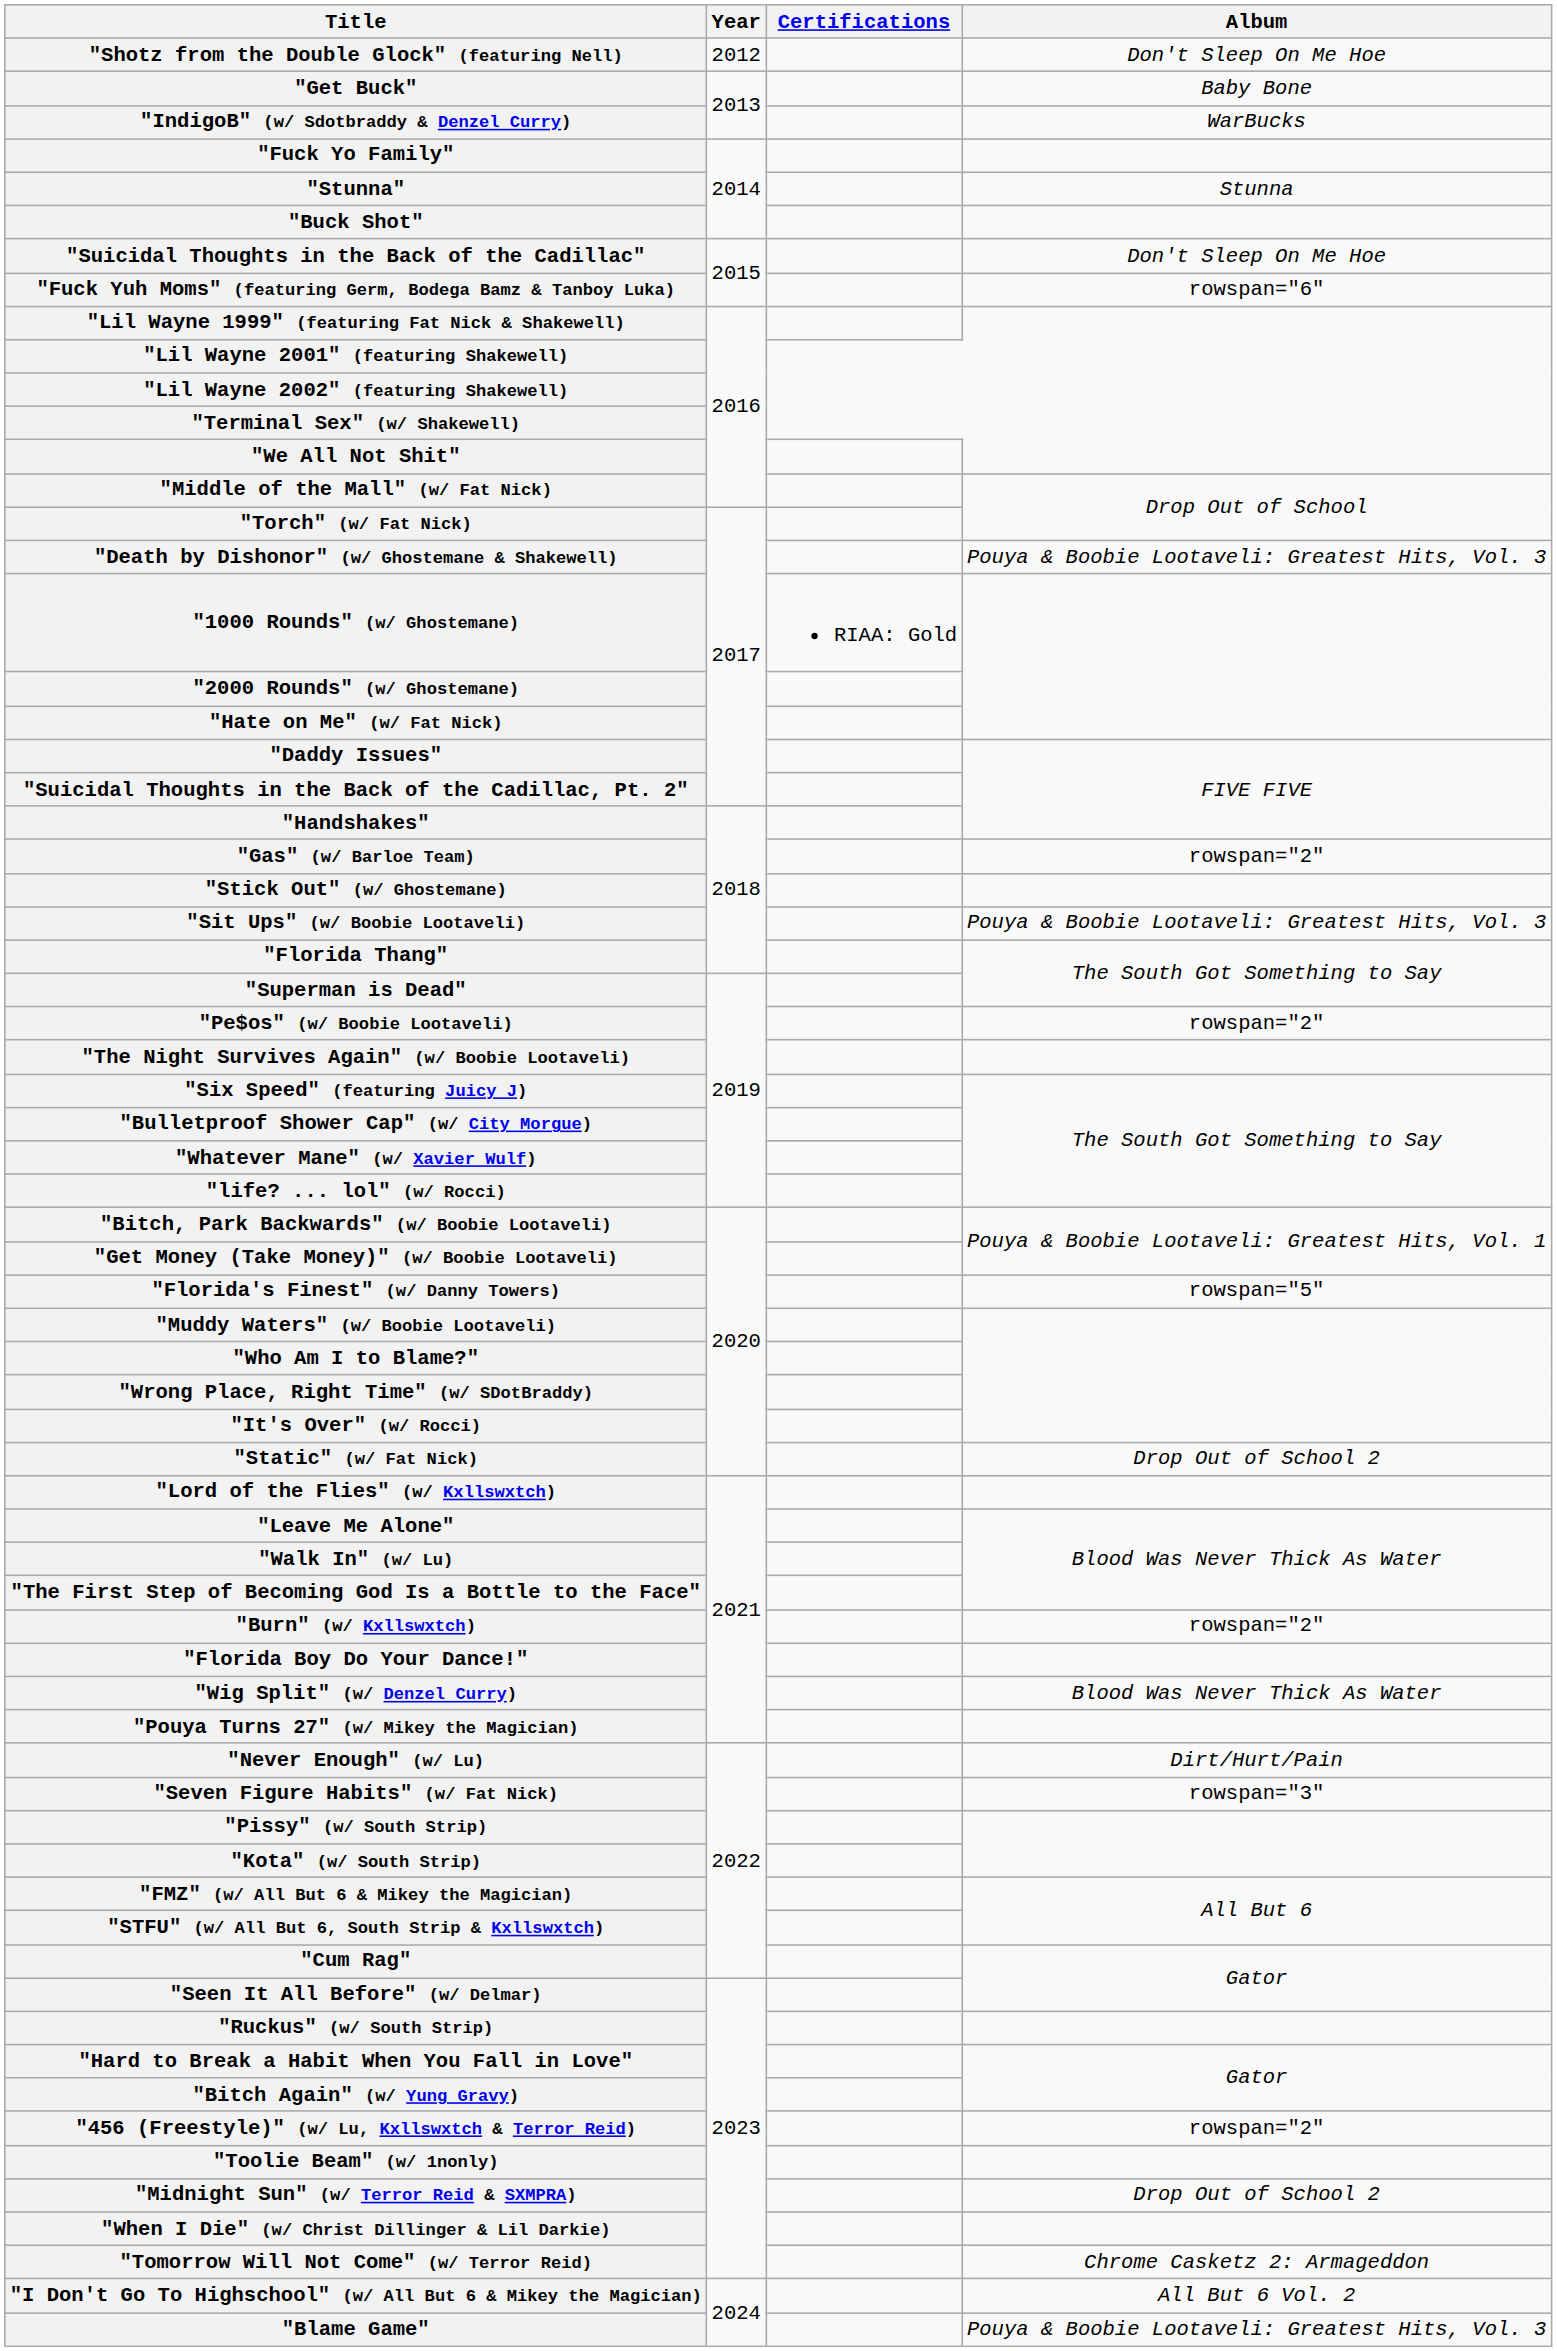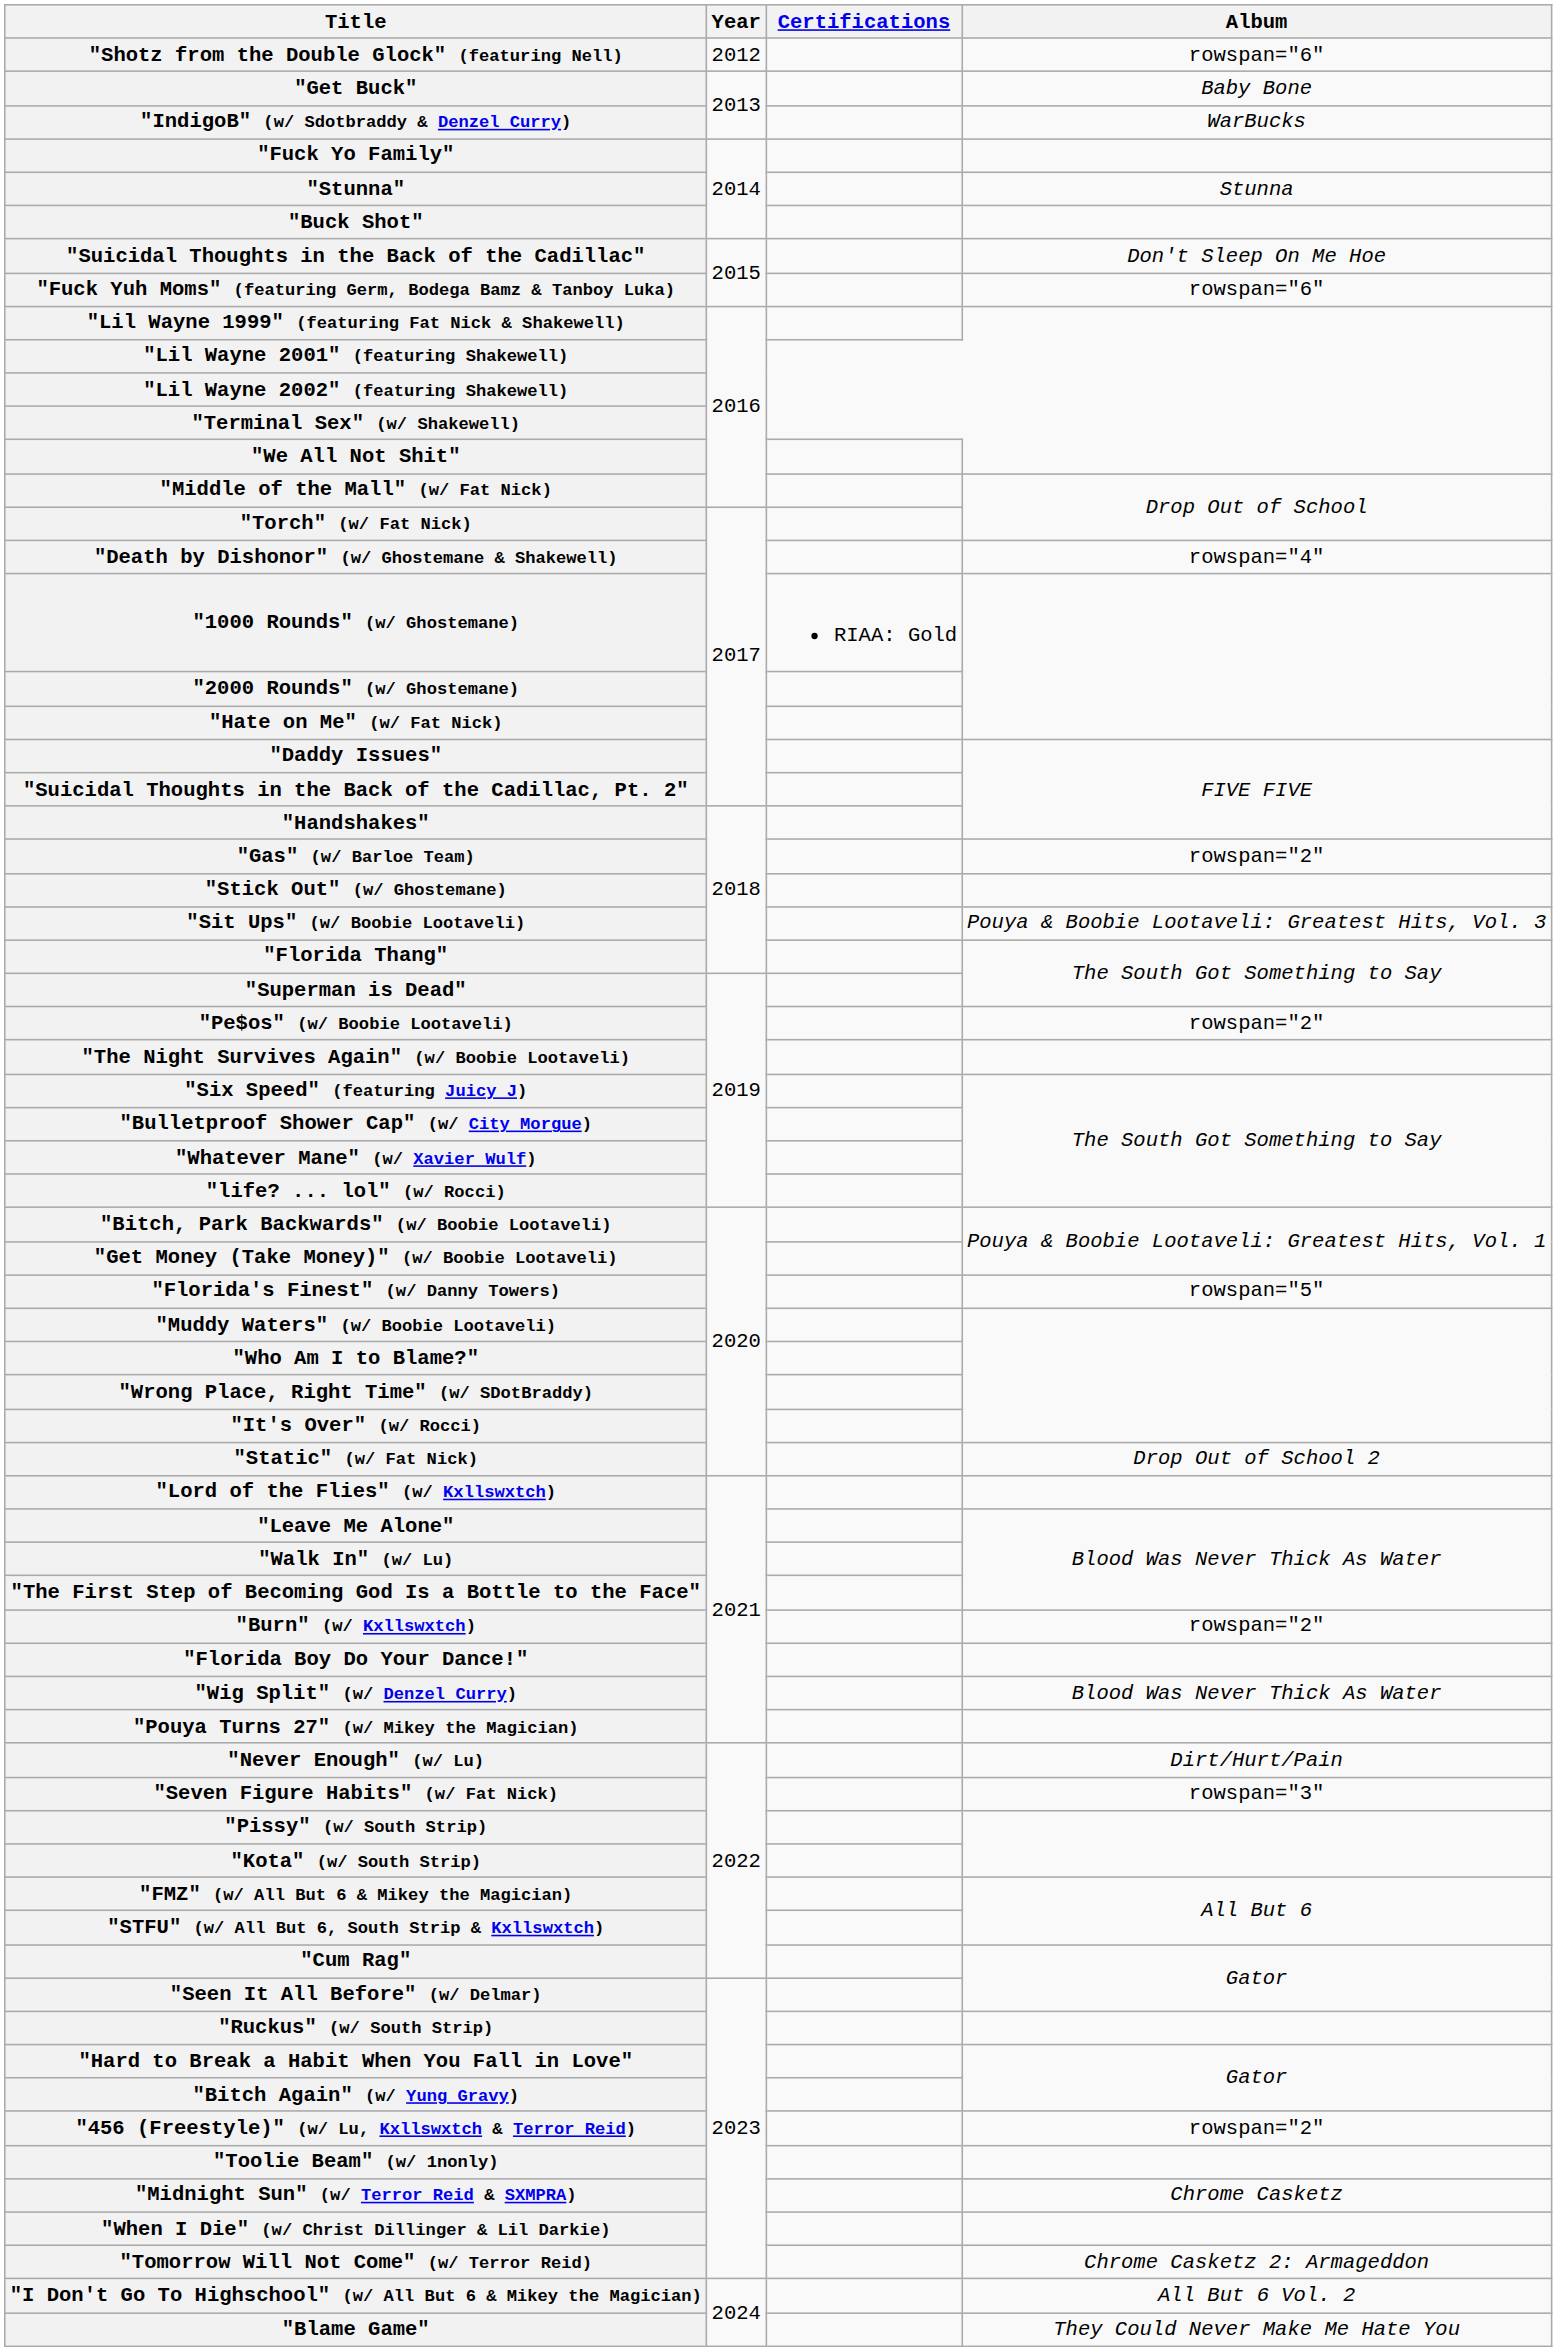 <table class="wikitable plainrowheaders" style="text-align:center;">
 <tr>
 <th scope="col">Title</th>
 <th scope="col">Year</th>
 <th scope="col"><a href='#'>Certifications</a></th>
 <th scope="col">Album</th>
 </tr>
 <tr>
 <th scope="row">"Shotz from the Double Glock" <small>(featuring Nell)</small></th>
 <td>2012</td>
 <td></td>
-<td><em>Don't Sleep On Me Hoe</em></td>
+<td>rowspan="6"</td>
 </tr>
 <tr>
 <th scope="row">"Get Buck"</th>
 <td rowspan="2">2013</td>
 <td></td>
 <td><em>Baby Bone</em></td>
 </tr>
 <tr>
 <th scope="row">"IndigoB" <small>(w/ Sdotbraddy & <a href='#'>Denzel Curry</a>)</small></th>
 <td></td>
 <td><em>WarBucks</em></td>
 </tr>
 <tr>
 <th scope="row">"Fuck Yo Family"</th>
 <td rowspan="3">2014</td>
 <td></td>
 <td></td>
 </tr>
 <tr>
 <th scope="row">"Stunna"</th>
 <td></td>
 <td><em>Stunna</em></td>
 </tr>
 <tr>
 <th scope="row">"Buck Shot"</th>
 <td></td>
 <td></td>
 </tr>
 <tr>
 <th scope="row">"Suicidal Thoughts in the Back of the Cadillac"</th>
 <td rowspan="2">2015</td>
 <td></td>
 <td><em>Don't Sleep On Me Hoe</em></td>
 </tr>
 <tr>
 <th scope="row">"Fuck Yuh Moms" <small>(featuring Germ, Bodega Bamz & Tanboy Luka)</small></th>
 <td></td>
 <td>rowspan="6"</td>
 </tr>
 <tr>
 <th scope="row">"Lil Wayne 1999" <small>(featuring Fat Nick & Shakewell)</small></th>
 <td rowspan="6">2016</td>
 <td></td>
 </tr>
 <tr>
 <th scope="row">"Lil Wayne 2001" <small>(featuring Shakewell)</small></th>
 </tr>
 <tr>
 <th scope="row">"Lil Wayne 2002" <small>(featuring Shakewell)</small></th>
 </tr>
 <tr>
 <th scope="row">"Terminal Sex" <small>(w/ Shakewell)</small></th>
 </tr>
 <tr>
 <th scope="row">"We All Not Shit"</th>
 <td></td>
 </tr>
 <tr>
 <th scope="row">"Middle of the Mall" <small>(w/ Fat Nick)</small></th>
 <td></td>
 <td rowspan="2"><em>Drop Out of School</em></td>
 </tr>
 <tr>
 <th scope="row">"Torch" <small>(w/ Fat Nick)</small></th>
 <td rowspan="7">2017</td>
 <td></td>
 </tr>
 <tr>
 <th scope="row">"Death by Dishonor" <small>(w/ Ghostemane & Shakewell)</small></th>
 <td></td>
-<td><em>Pouya & Boobie Lootaveli: Greatest Hits, Vol. 3</em></td>
+<td>rowspan="4"</td>
 </tr>
 <tr>
 <th scope="row">"1000 Rounds" <small>(w/ Ghostemane)</small></th>
 <td><br><ul><li>RIAA: Gold</li></ul></td>
 </tr>
 <tr>
 <th scope="row">"2000 Rounds" <small>(w/ Ghostemane)</small></th>
 <td></td>
 </tr>
 <tr>
 <th scope="row">"Hate on Me" <small>(w/ Fat Nick)</small></th>
 <td></td>
 </tr>
 <tr>
 <th scope="row">"Daddy Issues"</th>
 <td></td>
 <td rowspan="3"><em>FIVE FIVE</em></td>
 </tr>
 <tr>
 <th scope="row">"Suicidal Thoughts in the Back of the Cadillac, Pt. 2"</th>
 <td></td>
 </tr>
 <tr>
 <th scope="row">"Handshakes"</th>
 <td rowspan="5">2018</td>
 <td></td>
 </tr>
 <tr>
 <th scope="row">"Gas" <small>(w/ Barloe Team)</small></th>
 <td></td>
 <td>rowspan="2"</td>
 </tr>
 <tr>
 <th scope="row">"Stick Out" <small>(w/ Ghostemane)</small></th>
 <td></td>
 </tr>
 <tr>
 <th scope="row">"Sit Ups" <small>(w/ Boobie Lootaveli)</small></th>
 <td></td>
 <td><em>Pouya & Boobie Lootaveli: Greatest Hits, Vol. 3</em></td>
 </tr>
 <tr>
 <th scope="row">"Florida Thang"</th>
 <td></td>
 <td rowspan="2"><em>The South Got Something to Say</em></td>
 </tr>
 <tr>
 <th scope="row">"Superman is Dead"</th>
 <td rowspan="7">2019</td>
 <td></td>
 </tr>
 <tr>
 <th scope="row">"Pe$os" <small>(w/ Boobie Lootaveli)</small></th>
 <td></td>
 <td>rowspan="2"</td>
 </tr>
 <tr>
 <th scope="row">"The Night Survives Again" <small>(w/ Boobie Lootaveli)</small></th>
 <td></td>
 <td></td>
 </tr>
 <tr>
 <th scope="row">"Six Speed" <small>(featuring <a href='#'>Juicy J</a>)</small></th>
 <td></td>
 <td rowspan="4"><em>The South Got Something to Say</em></td>
 </tr>
 <tr>
 <th scope="row">"Bulletproof Shower Cap" <small>(w/ <a href='#'>City Morgue</a>)</small></th>
 <td></td>
 </tr>
 <tr>
 <th scope="row">"Whatever Mane" <small>(w/ <a href='#'>Xavier Wulf</a>)</small></th>
 <td></td>
 </tr>
 <tr>
 <th scope="row">"life? ... lol" <small>(w/ Rocci)</small></th>
 <td></td>
 </tr>
 <tr>
 <th scope="row">"Bitch, Park Backwards" <small>(w/ Boobie Lootaveli)</small></th>
 <td rowspan="8">2020</td>
 <td></td>
 <td rowspan="2"><em>Pouya & Boobie Lootaveli: Greatest Hits, Vol. 1</em></td>
 </tr>
 <tr>
 <th scope="row">"Get Money (Take Money)" <small>(w/ Boobie Lootaveli)</small></th>
 <td></td>
 </tr>
 <tr>
 <th scope="row">"Florida's Finest" <small>(w/ Danny Towers)</small></th>
 <td></td>
 <td>rowspan="5"</td>
 </tr>
 <tr>
 <th scope="row">"Muddy Waters" <small>(w/ Boobie Lootaveli)</small></th>
 <td></td>
 </tr>
 <tr>
 <th scope="row">"Who Am I to Blame?"</th>
 <td></td>
 </tr>
 <tr>
 <th scope="row">"Wrong Place, Right Time" <small>(w/ SDotBraddy)</small></th>
 <td></td>
 </tr>
 <tr>
 <th scope="row">"It's Over" <small>(w/ Rocci)</small></th>
 <td></td>
 </tr>
 <tr>
 <th scope="row">"Static" <small>(w/ Fat Nick)</small></th>
 <td></td>
 <td><em>Drop Out of School 2</em></td>
 </tr>
 <tr>
 <th scope="row">"Lord of the Flies" <small>(w/ <a href='#'>Kxllswxtch</a>)</small></th>
 <td rowspan="8">2021</td>
 <td></td>
 <td></td>
 </tr>
 <tr>
 <th scope="row">"Leave Me Alone"</th>
 <td></td>
 <td rowspan="3"><em>Blood Was Never Thick As Water</em></td>
 </tr>
 <tr>
 <th scope="row">"Walk In" <small>(w/ Lu)</small></th>
 <td></td>
 </tr>
 <tr>
 <th scope="row">"The First Step of Becoming God Is a Bottle to the Face"</th>
 <td></td>
 </tr>
 <tr>
 <th scope="row">"Burn" <small>(w/ <a href='#'>Kxllswxtch</a>)</small></th>
 <td></td>
 <td>rowspan="2"</td>
 </tr>
 <tr>
 <th scope="row">"Florida Boy Do Your Dance!"</th>
 <td></td>
 </tr>
 <tr>
 <th scope="row">"Wig Split" <small>(w/ <a href='#'>Denzel Curry</a>)</small></th>
 <td></td>
 <td><em>Blood Was Never Thick As Water</em></td>
 </tr>
 <tr>
 <th scope="row">"Pouya Turns 27" <small>(w/ Mikey the Magician)</small></th>
 <td></td>
 <td></td>
 </tr>
 <tr>
 <th scope="row">"Never Enough" <small>(w/ Lu)</small></th>
 <td rowspan="7">2022</td>
 <td></td>
 <td><em>Dirt/Hurt/Pain</em></td>
 </tr>
 <tr>
 <th scope="row">"Seven Figure Habits" <small>(w/ Fat Nick)</small></th>
 <td></td>
 <td>rowspan="3"</td>
 </tr>
 <tr>
 <th scope="row">"Pissy" <small>(w/ South Strip)</small></th>
 <td></td>
 </tr>
 <tr>
 <th scope="row">"Kota" <small>(w/ South Strip)</small></th>
 <td></td>
 </tr>
 <tr>
 <th scope="row">"FMZ" <small>(w/ All But 6 & Mikey the Magician)</small></th>
 <td></td>
 <td rowspan="2"><em>All But 6</em></td>
 </tr>
 <tr>
 <th scope="row">"STFU" <small>(w/ All But 6, South Strip & <a href='#'>Kxllswxtch</a>)</small></th>
 <td></td>
 </tr>
 <tr>
 <th scope="row">"Cum Rag"</th>
 <td></td>
 <td rowspan="2"><em>Gator</em></td>
 </tr>
 <tr>
 <th scope="row">"Seen It All Before" <small>(w/ Delmar)</small></th>
 <td rowspan="9">2023</td>
 <td></td>
 </tr>
 <tr>
 <th scope="row">"Ruckus" <small>(w/ South Strip)</small></th>
 <td></td>
 <td></td>
 </tr>
 <tr>
 <th scope="row">"Hard to Break a Habit When You Fall in Love"</th>
 <td></td>
 <td rowspan="2"><em>Gator</em></td>
 </tr>
 <tr>
 <th scope="row">"Bitch Again" <small>(w/ <a href='#'>Yung Gravy</a>)</small></th>
 <td></td>
 </tr>
 <tr>
 <th scope="row">"456 (Freestyle)" <small>(w/ Lu, <a href='#'>Kxllswxtch</a> & <a href='#'>Terror Reid</a>)</small></th>
 <td></td>
 <td>rowspan="2"</td>
 </tr>
 <tr>
 <th scope="row">"Toolie Beam" <small>(w/ 1nonly)</small></th>
 <td></td>
 </tr>
 <tr>
 <th scope="row">"Midnight Sun" <small>(w/ <a href='#'>Terror Reid</a> & <a href='#'>SXMPRA</a>)</small></th>
 <td></td>
-<td><em>Drop Out of School 2</em></td>
+<td><em>Chrome Casketz</em></td>
 </tr>
 <tr>
 <th scope="row">"When I Die" <small>(w/ Christ Dillinger & Lil Darkie)</small></th>
 <td></td>
 <td></td>
 </tr>
 <tr>
 <th scope="row">"Tomorrow Will Not Come" <small>(w/ Terror Reid)</small></th>
 <td></td>
 <td><em>Chrome Casketz 2: Armageddon</em></td>
 </tr>
 <tr>
 <th scope="row">"I Don't Go To Highschool" <small>(w/ All But 6 & Mikey the Magician)</small></th>
 <td rowspan="2">2024</td>
 <td></td>
 <td><em>All But 6 Vol. 2</em></td>
 </tr>
 <tr>
 <th scope="row">"Blame Game"</th>
 <td></td>
-<td><em>Pouya & Boobie Lootaveli: Greatest Hits, Vol. 3</em></td>
+<td><em>They Could Never Make Me Hate You</em></td>
 </tr>
 </table>
